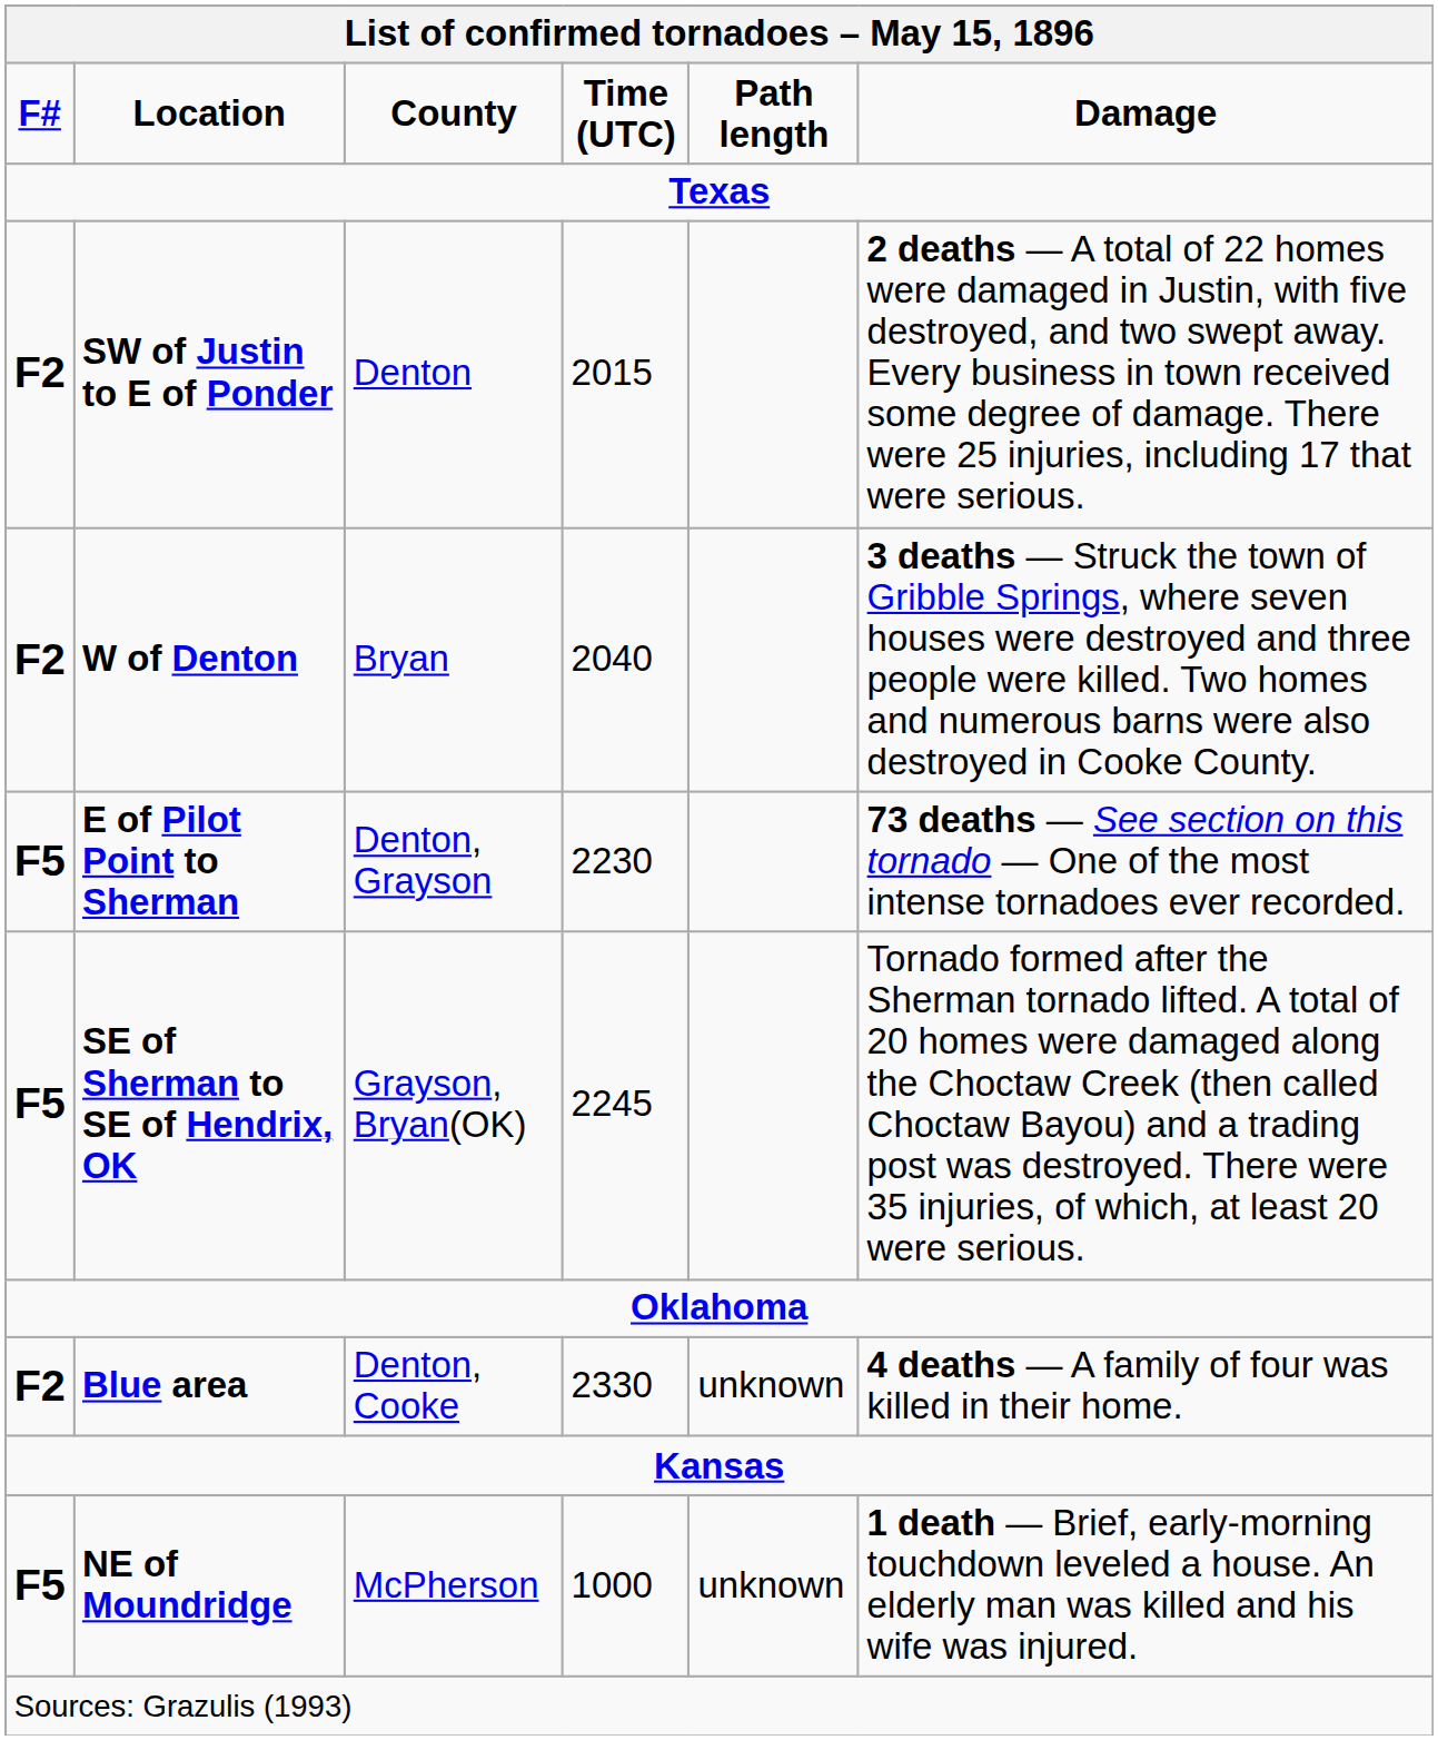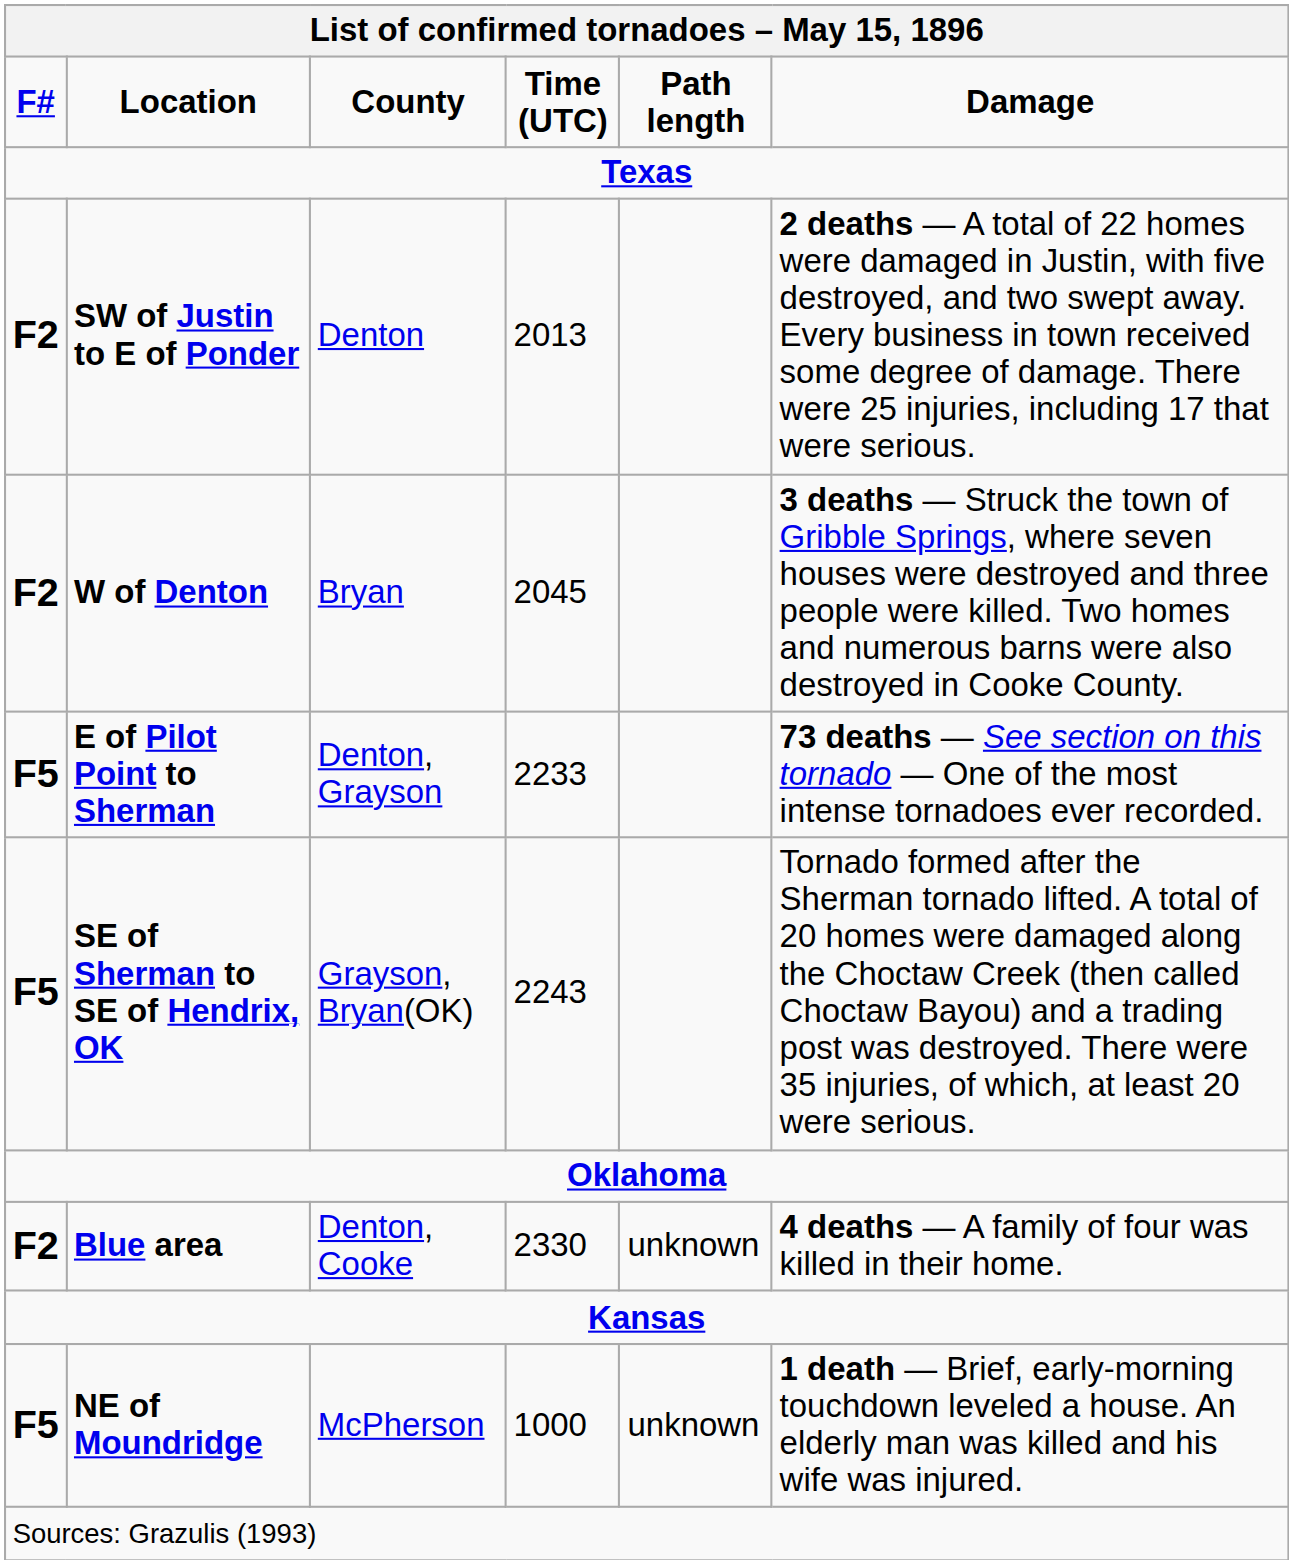 <table class="wikitable toccolours collapsible" style="width:100%;">
 <tr>
 <th colspan="6">List of confirmed tornadoes – May 15, 1896</th>
 </tr>
 <tr style="text-align:center;">
 <td><strong><a href='#'>F#</a></strong></td>
 <td><strong>Location</strong></td>
 <td><strong>County</strong></td>
 <td><strong>Time (UTC)</strong></td>
 <td><strong>Path length</strong></td>
 <td><strong>Damage</strong></td>
 </tr>
 <tr>
 <td colspan="7" style="text-align:center;"><strong><a href='#'>Texas</a></strong></td>
 </tr>
 <tr>
 <td><big><strong>F2</strong></big></td>
 <td><strong>SW of <a href='#'>Justin</a> to E of <a href='#'>Ponder</a></strong></td>
 <td><a href='#'>Denton</a></td>
-<td>2015</td>
+<td>2013</td>
 <td></td>
 <td><strong>2 deaths</strong> — A total of 22 homes were damaged in Justin, with five destroyed, and two swept away. Every business in town received some degree of damage. There were 25 injuries, including 17 that were serious.</td>
 </tr>
 <tr>
 <td><big><strong>F2</strong></big></td>
 <td><strong>W of <a href='#'>Denton</a></strong></td>
 <td><a href='#'>Bryan</a></td>
-<td>2040</td>
+<td>2045</td>
 <td></td>
 <td><strong>3 deaths</strong> — Struck the town of <a href='#'>Gribble Springs</a>, where seven houses were destroyed and three people were killed. Two homes and numerous barns were also destroyed in Cooke County.</td>
 </tr>
 <tr>
 <td><big><strong>F5</strong></big></td>
 <td><strong>E of <a href='#'>Pilot Point</a> to <a href='#'>Sherman</a></strong></td>
 <td><a href='#'>Denton</a>, <a href='#'>Grayson</a></td>
-<td>2230</td>
+<td>2233</td>
 <td></td>
 <td><strong>73 deaths</strong> — <em><a href='#'>See section on this tornado</a></em> — One of the most intense tornadoes ever recorded.</td>
 </tr>
 <tr>
 <td><big><strong>F5</strong></big></td>
 <td><strong>SE of <a href='#'>Sherman</a> to SE of <a href='#'>Hendrix, OK</a></strong></td>
 <td><a href='#'>Grayson</a>, <a href='#'>Bryan</a>(OK)</td>
-<td>2245</td>
+<td>2243</td>
 <td></td>
 <td>Tornado formed after the Sherman tornado lifted. A total of 20 homes were damaged along the Choctaw Creek (then called Choctaw Bayou) and a trading post was destroyed. There were 35 injuries, of which, at least 20 were serious.</td>
 </tr>
 <tr>
 <td colspan="7" style="text-align:center;"><strong><a href='#'>Oklahoma</a></strong></td>
 </tr>
 <tr>
 <td><big><strong>F2</strong></big></td>
 <td><strong><a href='#'>Blue</a> area</strong></td>
 <td><a href='#'>Denton</a>, <a href='#'>Cooke</a></td>
 <td>2330</td>
 <td>unknown</td>
 <td><strong>4 deaths</strong> — A family of four was killed in their home.</td>
 </tr>
 <tr>
 <td colspan="7" style="text-align:center;"><strong><a href='#'>Kansas</a></strong></td>
 </tr>
 <tr>
 <td><big><strong>F5</strong></big></td>
 <td><strong>NE of <a href='#'>Moundridge</a></strong></td>
 <td><a href='#'>McPherson</a></td>
 <td>1000</td>
 <td>unknown</td>
 <td><strong>1 death</strong> — Brief, early-morning touchdown leveled a house. An elderly man was killed and his wife was injured.</td>
 </tr>
 <tr>
 <td colspan="7"><small>Sources: Grazulis (1993)</small></td>
 </tr>
 </table>
